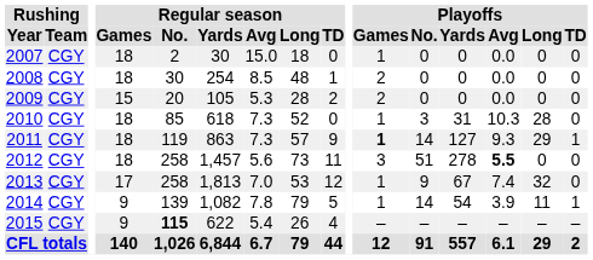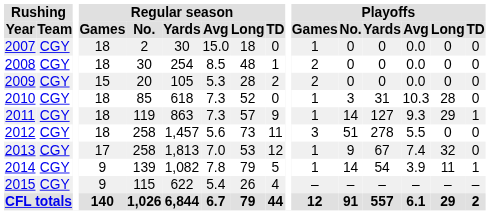 <table BORDER="0" CELLPADDING="1" CELLSPACING="0" width="65%" style="text-align:center">
 <tr bgcolor="#e0e0e0">
 <th colspan="2">Rushing</th>
 <th rowspan="100" bgcolor="#ffffff"> </th>
 <th colspan="6">Regular season</th>
 <th rowspan="100" bgcolor="#ffffff"> </th>
 <th colspan="6">Playoffs</th>
 </tr>
 <tr bgcolor="#e0e0e0">
 <th>Year</th>
 <th>Team</th>
 <th>Games</th>
 <th>No.</th>
 <th>Yards</th>
 <th>Avg</th>
 <th>Long</th>
 <th>TD</th>
 <th>Games</th>
 <th>No.</th>
 <th>Yards</th>
 <th>Avg</th>
 <th>Long</th>
 <th>TD</th>
 </tr>
 <tr ALIGN="centre" bgcolor="#f0f0f0">
 <td><a href='#'>2007</a></td>
 <td><a href='#'>CGY</a></td>
 <td>18</td>
 <td>2</td>
 <td>30</td>
 <td>15.0</td>
 <td>18</td>
 <td>0</td>
 <td>1</td>
 <td>0</td>
 <td>0</td>
 <td>0.0</td>
 <td>0</td>
 <td>0</td>
 </tr>
 <tr ALIGN="centre">
 <td><a href='#'>2008</a></td>
 <td><a href='#'>CGY</a></td>
 <td>18</td>
 <td>30</td>
 <td>254</td>
 <td>8.5</td>
 <td>48</td>
 <td>1</td>
 <td>2</td>
 <td>0</td>
 <td>0</td>
 <td>0.0</td>
 <td>0</td>
 <td>0</td>
 </tr>
 <tr ALIGN="centre" bgcolor="#f0f0f0">
 <td><a href='#'>2009</a></td>
 <td><a href='#'>CGY</a></td>
 <td>15</td>
 <td>20</td>
 <td>105</td>
 <td>5.3</td>
 <td>28</td>
 <td>2</td>
 <td>2</td>
 <td>0</td>
 <td>0</td>
 <td>0.0</td>
 <td>0</td>
 <td>0</td>
 </tr>
 <tr ALIGN="centre">
 <td><a href='#'>2010</a></td>
 <td><a href='#'>CGY</a></td>
 <td>18</td>
 <td>85</td>
 <td>618</td>
 <td>7.3</td>
 <td>52</td>
 <td>0</td>
 <td>1</td>
 <td>3</td>
 <td>31</td>
 <td>10.3</td>
 <td>28</td>
 <td>0</td>
 </tr>
 <tr ALIGN="centre" bgcolor="#f0f0f0">
 <td><a href='#'>2011</a></td>
 <td><a href='#'>CGY</a></td>
 <td>18</td>
 <td>119</td>
 <td>863</td>
 <td>7.3</td>
 <td>57</td>
 <td>9</td>
-<td><strong>1</strong></td>
+<td>1</td>
 <td>14</td>
 <td>127</td>
 <td>9.3</td>
 <td>29</td>
 <td>1</td>
 </tr>
 <tr ALIGN="centre">
 <td><a href='#'>2012</a></td>
 <td><a href='#'>CGY</a></td>
 <td>18</td>
 <td>258</td>
 <td>1,457</td>
 <td>5.6</td>
 <td>73</td>
 <td>11</td>
 <td>3</td>
 <td>51</td>
 <td>278</td>
-<td><strong>5.5</strong></td>
+<td>5.5</td>
 <td>0</td>
 <td>0</td>
 </tr>
 <tr ALIGN="centre" bgcolor="#f0f0f0">
 <td><a href='#'>2013</a></td>
 <td><a href='#'>CGY</a></td>
 <td>17</td>
 <td>258</td>
 <td>1,813</td>
 <td>7.0</td>
 <td>53</td>
 <td>12</td>
 <td>1</td>
 <td>9</td>
 <td>67</td>
 <td>7.4</td>
 <td>32</td>
 <td>0</td>
 </tr>
 <tr ALIGN="centre">
 <td><a href='#'>2014</a></td>
 <td><a href='#'>CGY</a></td>
 <td>9</td>
 <td>139</td>
 <td>1,082</td>
 <td>7.8</td>
 <td>79</td>
 <td>5</td>
 <td>1</td>
 <td>14</td>
 <td>54</td>
 <td>3.9</td>
 <td>11</td>
 <td>1</td>
 </tr>
 <tr ALIGN="centre" bgcolor="#f0f0f0">
 <td><a href='#'>2015</a></td>
 <td><a href='#'>CGY</a></td>
 <td>9</td>
-<td><strong>115</strong></td>
+<td>115</td>
 <td>622</td>
 <td>5.4</td>
 <td>26</td>
 <td>4</td>
 <td>–</td>
 <td>–</td>
 <td>–</td>
 <td>–</td>
 <td>–</td>
 <td>–</td>
 </tr>
 <tr bgcolor="#e0e0e0">
 <th colspan="2"><a href='#'>CFL totals</a></th>
 <th>140</th>
 <th>1,026</th>
 <th>6,844</th>
 <th>6.7</th>
 <th>79</th>
 <th>44</th>
 <th>12</th>
 <th>91</th>
 <th>557</th>
 <th>6.1</th>
 <th>29</th>
 <th>2</th>
 </tr>
 </table>
